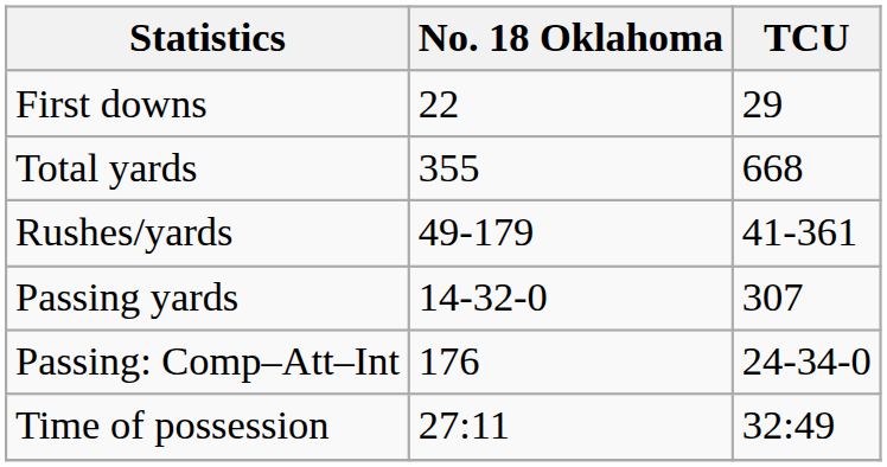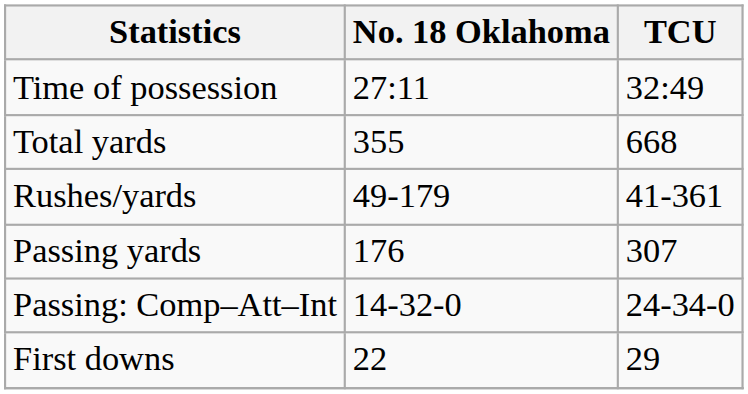 <table class="wikitable" style="float: left;">
 <tr>
 <th>Statistics</th>
 <th>No. 18 Oklahoma</th>
 <th>TCU</th>
 </tr>
 <tr>
-<td>First downs</td>
-<td>22</td>
-<td>29</td>
+<td>Time of possession</td>
+<td>27:11</td>
+<td>32:49</td>
 </tr>
 <tr>
 <td>Total yards</td>
 <td>355</td>
 <td>668</td>
 </tr>
 <tr>
 <td>Rushes/yards</td>
 <td>49-179</td>
 <td>41-361</td>
 </tr>
 <tr>
 <td>Passing yards</td>
-<td>14-32-0</td>
+<td>176</td>
 <td>307</td>
 </tr>
 <tr>
 <td>Passing: Comp–Att–Int</td>
-<td>176</td>
+<td>14-32-0</td>
 <td>24-34-0</td>
 </tr>
 <tr>
-<td>Time of possession</td>
-<td>27:11</td>
-<td>32:49</td>
+<td>First downs</td>
+<td>22</td>
+<td>29</td>
 </tr>
 <tr>
 </tr>
 </table>
